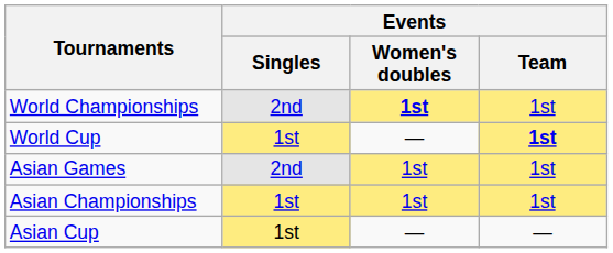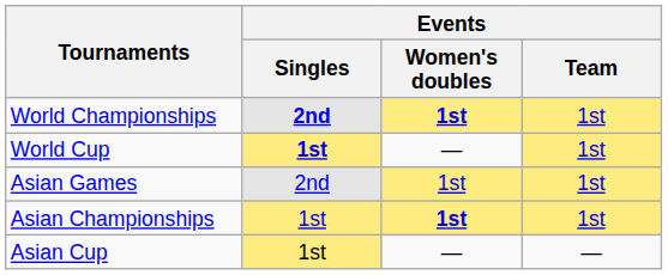 <table class="wikitable" style="text-align:center; font-size:small;">
 <tr>
 <th rowspan="2" width="140">Tournaments</th>
 <th colspan="4" width="240">Events</th>
 </tr>
 <tr>
 <th width="80">Singles</th>
 <th width="80">Women's<br>doubles</th>
 <th width="80">Team</th>
 </tr>
 <tr>
 <td style="text-align:left;"><a href='#'>World Championships</a></td>
-<td style="background: #e5e5e5;"><a href='#'>2nd</a></td>
+<td style="background: #e5e5e5;"><strong><a href='#'>2nd</a></strong></td>
 <td style="background: #feec80;"><strong><a href='#'>1st</a></strong></td>
 <td style="background: #feec80;"><a href='#'>1st</a></td>
 </tr>
 <tr>
 <td style="text-align:left;"><a href='#'>World Cup</a></td>
+<td style="background: #feec80;"><strong><a href='#'>1st</a></strong></td>
+<td>—</td>
 <td style="background: #feec80;"><a href='#'>1st</a></td>
-<td>—</td>
-<td style="background: #feec80;"><strong><a href='#'>1st</a></strong></td>
 </tr>
 <tr>
 <td style="text-align:left;"><a href='#'>Asian Games</a></td>
 <td style="background: #e5e5e5;"><a href='#'>2nd</a></td>
 <td style="background: #feec80;"><a href='#'>1st</a></td>
 <td style="background: #feec80;"><a href='#'>1st</a></td>
 </tr>
 <tr>
 <td style="text-align:left;"><a href='#'>Asian Championships</a></td>
 <td style="background: #feec80;"><a href='#'>1st</a></td>
-<td style="background: #feec80;"><a href='#'>1st</a></td>
+<td style="background: #feec80;"><strong><a href='#'>1st</a></strong></td>
 <td style="background: #feec80;"><a href='#'>1st</a></td>
 </tr>
 <tr>
 <td style="text-align:left;"><a href='#'>Asian Cup</a></td>
 <td style="background: #feec80;">1st</td>
 <td>—</td>
 <td>—</td>
 </tr>
 </table>
